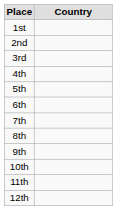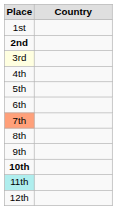 <table class="wikitable">
 <tr align="center" bgcolor="#dfdfdf">
 <td width="30"><strong>Place</strong></td>
 <td width="120"><strong>Country</strong></td>
 </tr>
 <tr align="center">
 <td>1st</td>
 <td><strong></strong></td>
 </tr>
 <tr align="center">
-<td>2nd</td>
+<td><strong>2nd</strong></td>
 <td><strong></strong></td>
 </tr>
 <tr align="center">
-<td>3rd</td>
+<td style="background: lightyellow;">3rd</td>
 <td><strong></strong></td>
 </tr>
 <tr align="center">
 <td>4th</td>
 <td><strong></strong></td>
 </tr>
 <tr align="center">
 <td>5th</td>
 <td><strong></strong></td>
 </tr>
 <tr align="center">
 <td>6th</td>
 <td></td>
 </tr>
 <tr align="center">
-<td>7th</td>
+<td style="background: lightsalmon;">7th</td>
 <td></td>
 </tr>
 <tr align="center">
 <td>8th</td>
 <td></td>
 </tr>
 <tr align="center">
 <td>9th</td>
 <td></td>
 </tr>
 <tr align="center">
-<td>10th</td>
+<td><strong>10th</strong></td>
 <td></td>
 </tr>
 <tr align="center">
-<td>11th</td>
+<td style="background: paleturquoise;">11th</td>
 <td></td>
 </tr>
 <tr align="center">
 <td>12th</td>
 <td></td>
 </tr>
 </table>
